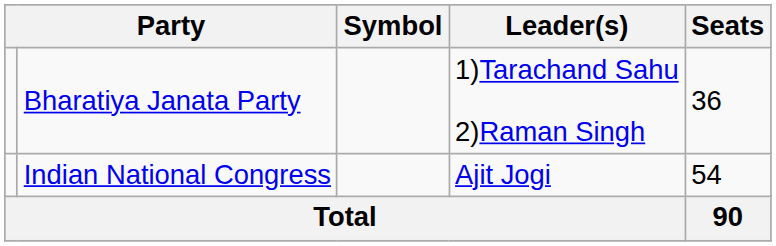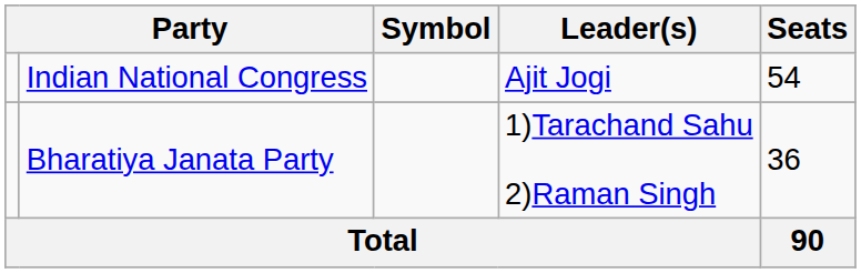 <table class="wikitable">
 <tr>
 <th colspan="2">Party</th>
 <th>Symbol</th>
 <th>Leader(s)</th>
 <th>Seats</th>
 </tr>
 <tr>
 <td style="background-color: "></td>
+<td><a href='#'>Indian National Congress</a></td>
+<td></td>
+<td><a href='#'>Ajit Jogi</a></td>
+<td>54</td>
+</tr>
+<tr>
+<td style="background-color: "></td>
 <td><a href='#'>Bharatiya Janata Party</a></td>
 <td></td>
 <td>1)<a href='#'>Tarachand Sahu</a> <br><br>2)<a href='#'>Raman Singh</a></td>
 <td>36</td>
 </tr>
 <tr>
-<td style="background-color: "></td>
-<td><a href='#'>Indian National Congress</a></td>
-<td></td>
-<td><a href='#'>Ajit Jogi</a></td>
-<td>54</td>
-</tr>
-<tr>
 <th colspan=4>Total</th>
 <th>90</th>
 </tr>
 </table>
